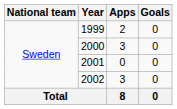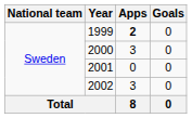 <table class="wikitable" style="text-align:center">
 <tr>
 <th>National team</th>
 <th>Year</th>
 <th>Apps</th>
 <th>Goals</th>
 </tr>
 <tr>
 <td rowspan="4"><a href='#'>Sweden</a></td>
 <td>1999</td>
-<td>2</td>
+<td><strong>2</strong></td>
 <td>0</td>
 </tr>
 <tr>
 <td>2000</td>
 <td>3</td>
 <td>0</td>
 </tr>
 <tr>
 <td>2001</td>
 <td>0</td>
 <td>0</td>
 </tr>
 <tr>
 <td>2002</td>
 <td>3</td>
 <td>0</td>
 </tr>
 <tr>
 <th colspan="2">Total</th>
 <th>8</th>
 <th>0</th>
 </tr>
 </table>
